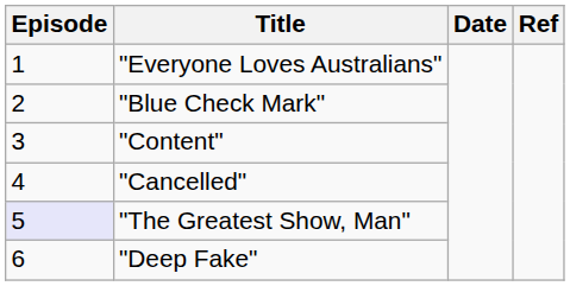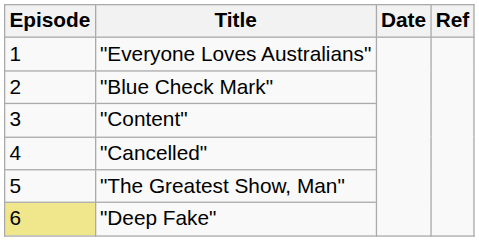 <table class="wikitable">
 <tr>
 <th>Episode</th>
 <th>Title</th>
 <th>Date</th>
 <th>Ref</th>
 </tr>
 <tr>
 <td>1</td>
 <td>"Everyone Loves Australians"</td>
 <td rowspan="6"></td>
 <td rowspan="6"></td>
 </tr>
 <tr>
 <td>2</td>
 <td>"Blue Check Mark"</td>
 </tr>
 <tr>
 <td>3</td>
 <td>"Content"</td>
 </tr>
 <tr>
 <td>4</td>
 <td>"Cancelled"</td>
 </tr>
 <tr>
-<td style="background: lavender;">5</td>
+<td>5</td>
 <td>"The Greatest Show, Man"</td>
 </tr>
 <tr>
-<td>6</td>
+<td style="background: khaki;">6</td>
 <td>"Deep Fake"</td>
 </tr>
 </table>
